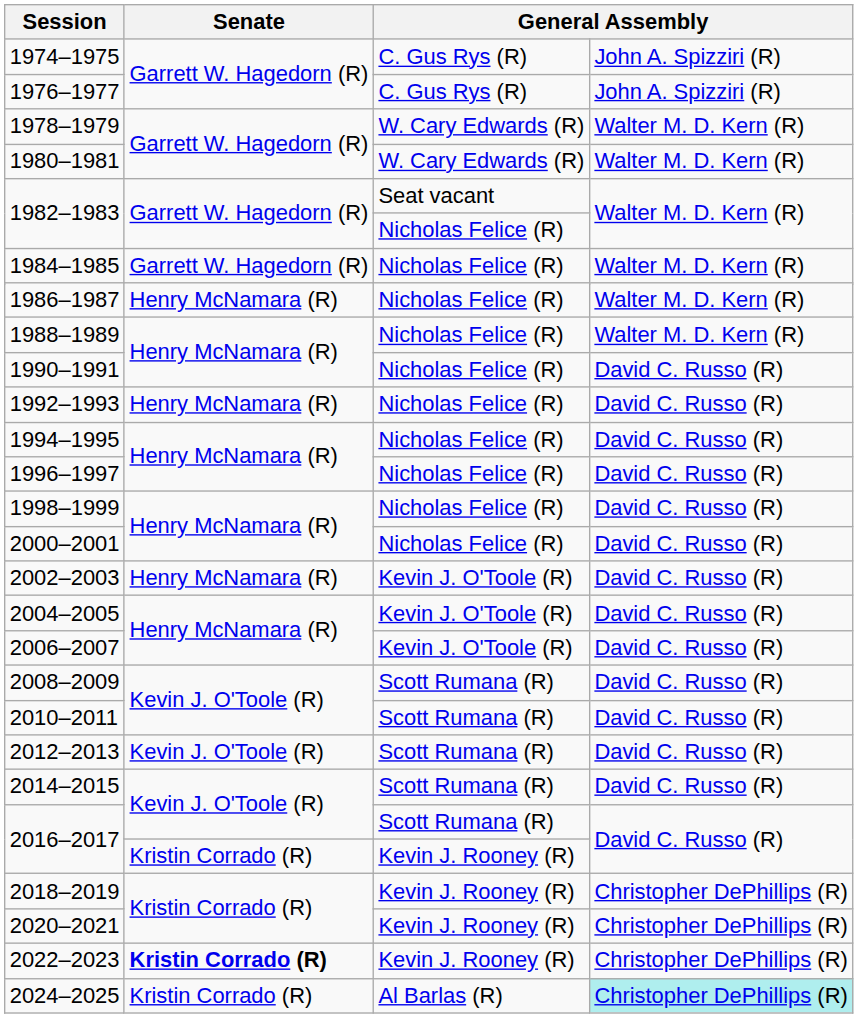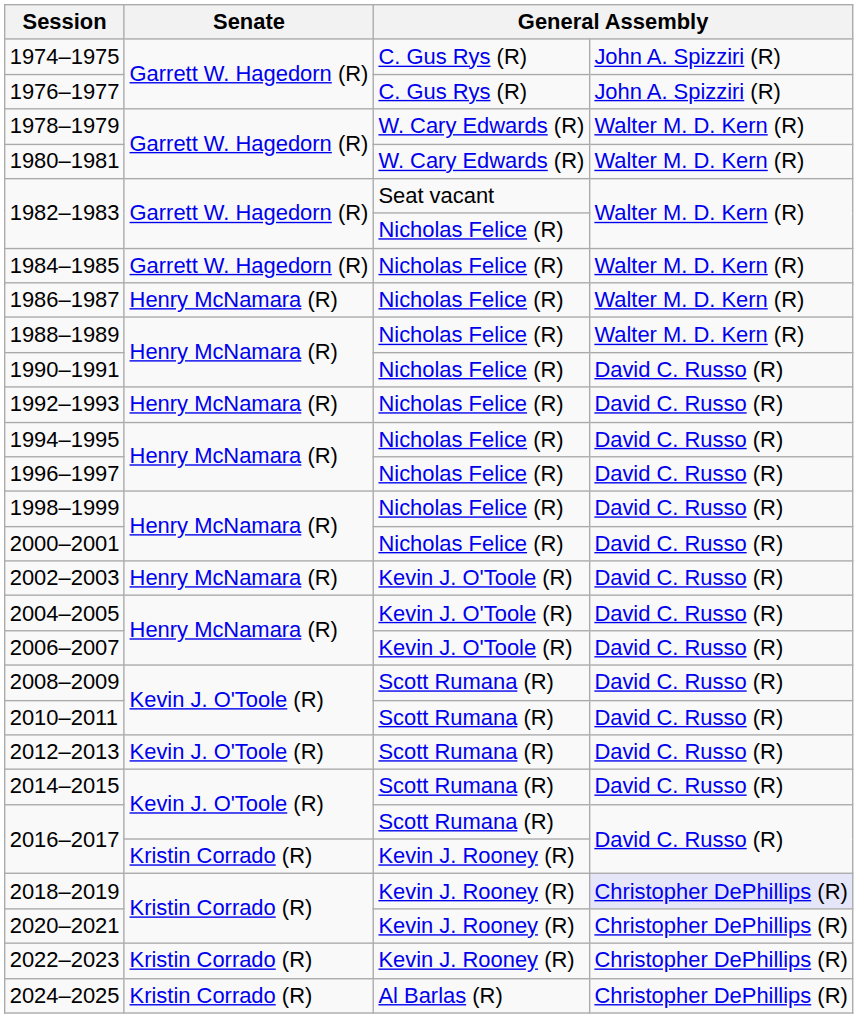 <table class="wikitable">
 <tr>
 <th>Session</th>
 <th>Senate</th>
 <th colspan=2>General Assembly</th>
 </tr>
 <tr>
 <td>1974–1975</td>
 <td rowspan=2 ><a href='#'>Garrett W. Hagedorn</a> (R)</td>
 <td><a href='#'>C. Gus Rys</a> (R)</td>
 <td><a href='#'>John A. Spizziri</a> (R)</td>
 </tr>
 <tr>
 <td>1976–1977</td>
 <td><a href='#'>C. Gus Rys</a> (R)</td>
 <td><a href='#'>John A. Spizziri</a> (R)</td>
 </tr>
 <tr>
 <td>1978–1979</td>
 <td rowspan=2 ><a href='#'>Garrett W. Hagedorn</a> (R)</td>
 <td><a href='#'>W. Cary Edwards</a> (R)</td>
 <td><a href='#'>Walter M. D. Kern</a> (R)</td>
 </tr>
 <tr>
 <td>1980–1981</td>
 <td><a href='#'>W. Cary Edwards</a> (R)</td>
 <td><a href='#'>Walter M. D. Kern</a> (R)</td>
 </tr>
 <tr>
 <td rowspan=2>1982–1983</td>
 <td rowspan=2 ><a href='#'>Garrett W. Hagedorn</a> (R)</td>
 <td>Seat vacant</td>
 <td rowspan=2 ><a href='#'>Walter M. D. Kern</a> (R)</td>
 </tr>
 <tr>
 <td><a href='#'>Nicholas Felice</a> (R)</td>
 </tr>
 <tr>
 <td rowspan=2>1984–1985</td>
 <td><a href='#'>Garrett W. Hagedorn</a> (R)</td>
 <td rowspan=2 ><a href='#'>Nicholas Felice</a> (R)</td>
 <td rowspan=2 ><a href='#'>Walter M. D. Kern</a> (R)</td>
 </tr>
 <tr>
 <td rowspan=2 ><a href='#'>Henry McNamara</a> (R)<small> </small></td>
 </tr>
 <tr>
 <td>1986–1987</td>
 <td><a href='#'>Nicholas Felice</a> (R)</td>
 <td><a href='#'>Walter M. D. Kern</a> (R)</td>
 </tr>
 <tr>
 <td>1988–1989</td>
 <td rowspan=2 ><a href='#'>Henry McNamara</a> (R)</td>
 <td><a href='#'>Nicholas Felice</a> (R)</td>
 <td><a href='#'>Walter M. D. Kern</a> (R)</td>
 </tr>
 <tr>
 <td>1990–1991</td>
 <td><a href='#'>Nicholas Felice</a> (R)</td>
 <td><a href='#'>David C. Russo</a> (R)</td>
 </tr>
 <tr>
 <td>1992–1993</td>
 <td><a href='#'>Henry McNamara</a> (R)</td>
 <td><a href='#'>Nicholas Felice</a> (R)</td>
 <td><a href='#'>David C. Russo</a> (R)</td>
 </tr>
 <tr>
 <td>1994–1995</td>
 <td rowspan=2 ><a href='#'>Henry McNamara</a> (R)</td>
 <td><a href='#'>Nicholas Felice</a> (R)</td>
 <td><a href='#'>David C. Russo</a> (R)</td>
 </tr>
 <tr>
 <td>1996–1997</td>
 <td><a href='#'>Nicholas Felice</a> (R)</td>
 <td><a href='#'>David C. Russo</a> (R)</td>
 </tr>
 <tr>
 <td>1998–1999</td>
 <td rowspan=2 ><a href='#'>Henry McNamara</a> (R)</td>
 <td><a href='#'>Nicholas Felice</a> (R)</td>
 <td><a href='#'>David C. Russo</a> (R)</td>
 </tr>
 <tr>
 <td>2000–2001</td>
 <td><a href='#'>Nicholas Felice</a> (R)</td>
 <td><a href='#'>David C. Russo</a> (R)</td>
 </tr>
 <tr>
 <td>2002–2003</td>
 <td><a href='#'>Henry McNamara</a> (R)</td>
 <td><a href='#'>Kevin J. O'Toole</a> (R)</td>
 <td><a href='#'>David C. Russo</a> (R)</td>
 </tr>
 <tr>
 <td>2004–2005</td>
 <td rowspan=2 ><a href='#'>Henry McNamara</a> (R)</td>
 <td><a href='#'>Kevin J. O'Toole</a> (R)</td>
 <td><a href='#'>David C. Russo</a> (R)</td>
 </tr>
 <tr>
 <td>2006–2007</td>
 <td><a href='#'>Kevin J. O'Toole</a> (R)</td>
 <td><a href='#'>David C. Russo</a> (R)</td>
 </tr>
 <tr>
 <td>2008–2009</td>
 <td rowspan=2 ><a href='#'>Kevin J. O'Toole</a> (R)</td>
 <td><a href='#'>Scott Rumana</a> (R)</td>
 <td><a href='#'>David C. Russo</a> (R)</td>
 </tr>
 <tr>
 <td>2010–2011</td>
 <td><a href='#'>Scott Rumana</a> (R)</td>
 <td><a href='#'>David C. Russo</a> (R)</td>
 </tr>
 <tr>
 <td>2012–2013</td>
 <td><a href='#'>Kevin J. O'Toole</a> (R)</td>
 <td><a href='#'>Scott Rumana</a> (R)</td>
 <td><a href='#'>David C. Russo</a> (R)</td>
 </tr>
 <tr>
 <td>2014–2015</td>
 <td rowspan=2 ><a href='#'>Kevin J. O'Toole</a> (R)</td>
 <td><a href='#'>Scott Rumana</a> (R)</td>
 <td><a href='#'>David C. Russo</a> (R)</td>
 </tr>
 <tr>
 <td rowspan=2>2016–2017</td>
 <td><a href='#'>Scott Rumana</a> (R)</td>
 <td rowspan=2 ><a href='#'>David C. Russo</a> (R)</td>
 </tr>
 <tr>
 <td><a href='#'>Kristin Corrado</a> (R)</td>
 <td><a href='#'>Kevin J. Rooney</a> (R)</td>
 </tr>
 <tr>
 <td>2018–2019</td>
 <td rowspan=2 ><a href='#'>Kristin Corrado</a> (R)</td>
 <td><a href='#'>Kevin J. Rooney</a> (R)</td>
-<td><a href='#'>Christopher DePhillips</a> (R)</td>
+<td style="background: lavender;"><a href='#'>Christopher DePhillips</a> (R)</td>
 </tr>
 <tr>
 <td>2020–2021</td>
 <td><a href='#'>Kevin J. Rooney</a> (R)</td>
 <td><a href='#'>Christopher DePhillips</a> (R)</td>
 </tr>
 <tr>
 <td>2022–2023</td>
-<td><strong><a href='#'>Kristin Corrado</a> (R)</strong></td>
+<td><a href='#'>Kristin Corrado</a> (R)</td>
 <td><a href='#'>Kevin J. Rooney</a> (R)</td>
 <td><a href='#'>Christopher DePhillips</a> (R)</td>
 </tr>
 <tr>
 <td>2024–2025</td>
 <td><a href='#'>Kristin Corrado</a> (R)</td>
 <td><a href='#'>Al Barlas</a> (R)</td>
-<td style="background: paleturquoise;"><a href='#'>Christopher DePhillips</a> (R)</td>
+<td><a href='#'>Christopher DePhillips</a> (R)</td>
 </tr>
 </table>
